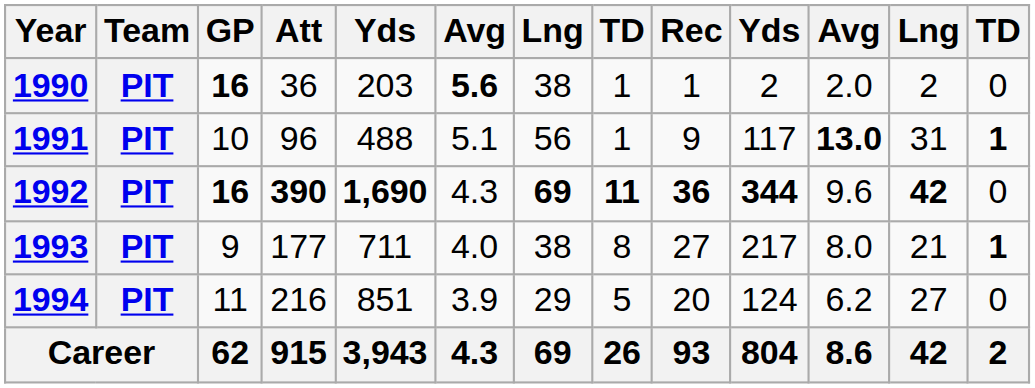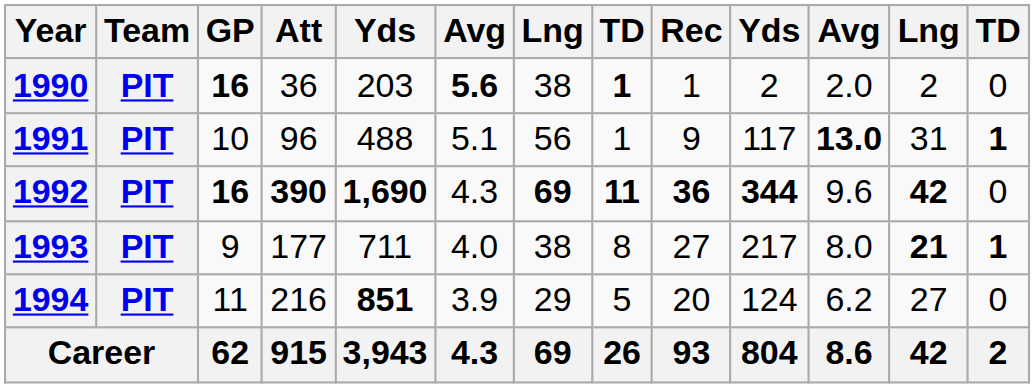 <table class="wikitable" style="text-align: center;">
 <tr>
 <th>Year</th>
 <th>Team</th>
 <th>GP</th>
 <th>Att</th>
 <th>Yds</th>
 <th>Avg</th>
 <th>Lng</th>
 <th>TD</th>
 <th>Rec</th>
 <th>Yds</th>
 <th>Avg</th>
 <th>Lng</th>
 <th>TD</th>
 </tr>
 <tr>
 <th><a href='#'>1990</a></th>
 <th><a href='#'>PIT</a></th>
 <td><strong>16</strong></td>
 <td>36</td>
 <td>203</td>
 <td><strong>5.6</strong></td>
 <td>38</td>
-<td>1</td>
+<td><strong>1</strong></td>
 <td>1</td>
 <td>2</td>
 <td>2.0</td>
 <td>2</td>
 <td>0</td>
 </tr>
 <tr>
 <th><a href='#'>1991</a></th>
 <th><a href='#'>PIT</a></th>
 <td>10</td>
 <td>96</td>
 <td>488</td>
 <td>5.1</td>
 <td>56</td>
 <td>1</td>
 <td>9</td>
 <td>117</td>
 <td><strong>13.0</strong></td>
 <td>31</td>
 <td><strong>1</strong></td>
 </tr>
 <tr>
 <th><a href='#'>1992</a></th>
 <th><a href='#'>PIT</a></th>
 <td><strong>16</strong></td>
 <td><strong>390</strong></td>
 <td><strong>1,690</strong></td>
 <td>4.3</td>
 <td><strong>69</strong></td>
 <td><strong>11</strong></td>
 <td><strong>36</strong></td>
 <td><strong>344</strong></td>
 <td>9.6</td>
 <td><strong>42</strong></td>
 <td>0</td>
 </tr>
 <tr>
 <th><a href='#'>1993</a></th>
 <th><a href='#'>PIT</a></th>
 <td>9</td>
 <td>177</td>
 <td>711</td>
 <td>4.0</td>
 <td>38</td>
 <td>8</td>
 <td>27</td>
 <td>217</td>
 <td>8.0</td>
-<td>21</td>
+<td><strong>21</strong></td>
 <td><strong>1</strong></td>
 </tr>
 <tr>
 <th><a href='#'>1994</a></th>
 <th><a href='#'>PIT</a></th>
 <td>11</td>
 <td>216</td>
-<td>851</td>
+<td><strong>851</strong></td>
 <td>3.9</td>
 <td>29</td>
 <td>5</td>
 <td>20</td>
 <td>124</td>
 <td>6.2</td>
 <td>27</td>
 <td>0</td>
 </tr>
 <tr>
 <th colspan="2">Career</th>
 <th>62</th>
 <th>915</th>
 <th>3,943</th>
 <th>4.3</th>
 <th>69</th>
 <th>26</th>
 <th>93</th>
 <th>804</th>
 <th>8.6</th>
 <th>42</th>
 <th>2</th>
 </tr>
 </table>
